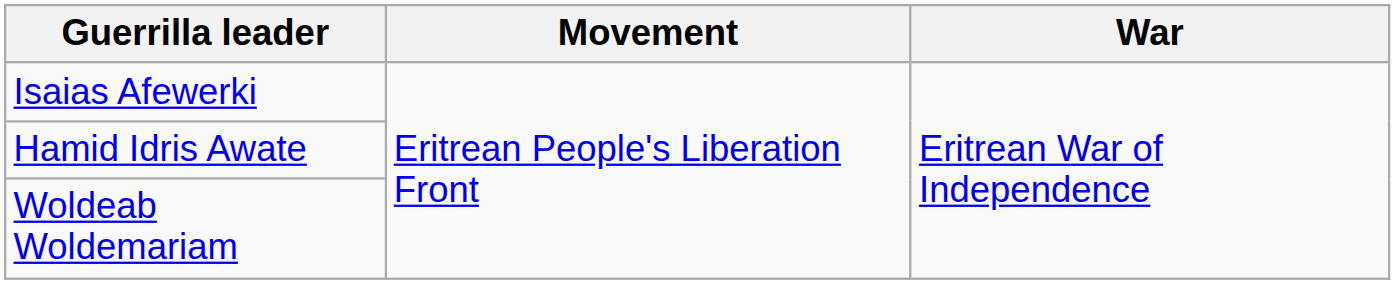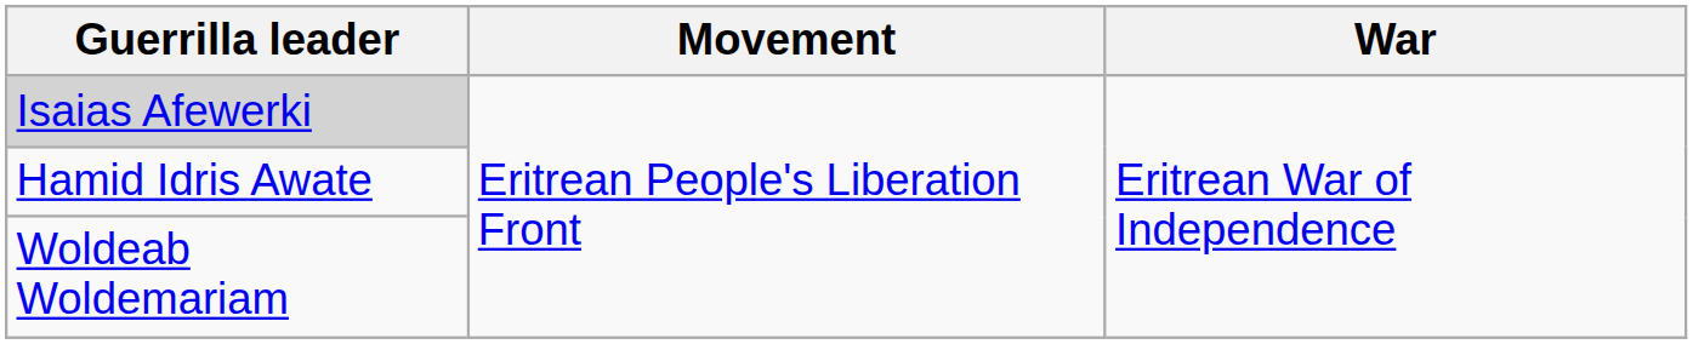 <table class="wikitable">
 <tr>
 <th>Guerrilla leader</th>
 <th>Movement</th>
 <th>War</th>
 </tr>
 <tr>
-<td><a href='#'>Isaias Afewerki</a></td>
+<td style="background: lightgrey;"><a href='#'>Isaias Afewerki</a></td>
 <td rowspan="3"><a href='#'>Eritrean People's Liberation Front</a></td>
 <td rowspan="3"><a href='#'>Eritrean War of Independence</a></td>
 </tr>
 <tr>
 <td><a href='#'>Hamid Idris Awate</a></td>
 </tr>
 <tr>
 <td><a href='#'>Woldeab Woldemariam</a></td>
 </tr>
 </table>
